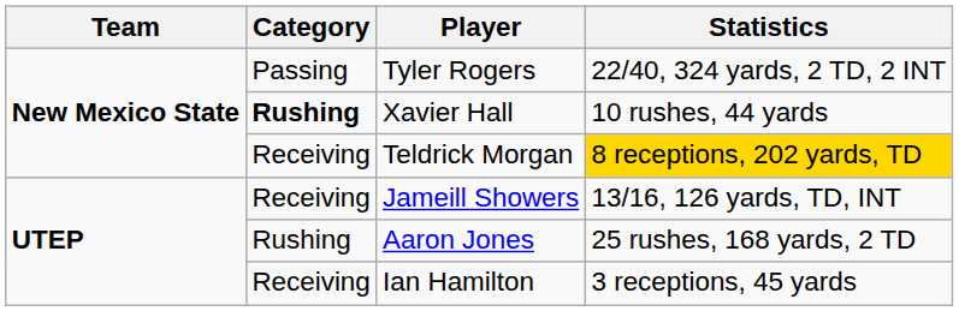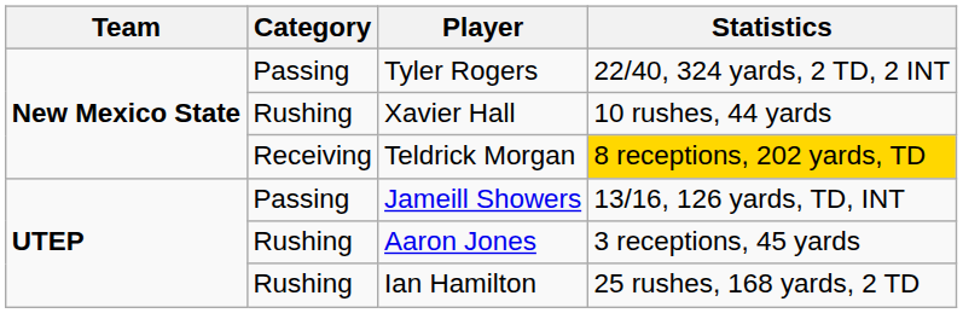 <table class="wikitable" style="float: left;">
 <tr>
 <th>Team</th>
 <th>Category</th>
 <th>Player</th>
 <th>Statistics</th>
 </tr>
 <tr>
 <td rowspan=3><strong>New Mexico State</strong></td>
 <td>Passing</td>
 <td>Tyler Rogers</td>
 <td>22/40, 324 yards, 2 TD, 2 INT</td>
 </tr>
 <tr>
-<td><strong>Rushing</strong></td>
+<td>Rushing</td>
 <td>Xavier Hall</td>
 <td>10 rushes, 44 yards</td>
 </tr>
 <tr>
 <td>Receiving</td>
 <td>Teldrick Morgan</td>
 <td style="background: gold;">8 receptions, 202 yards, TD</td>
 </tr>
 <tr>
 <td rowspan=3><strong>UTEP</strong></td>
-<td>Receiving</td>
+<td>Passing</td>
 <td><a href='#'>Jameill Showers</a></td>
 <td>13/16, 126 yards, TD, INT</td>
 </tr>
 <tr>
 <td>Rushing</td>
 <td><a href='#'>Aaron Jones</a></td>
+<td>3 receptions, 45 yards</td>
+</tr>
+<tr>
+<td>Rushing</td>
+<td>Ian Hamilton</td>
 <td>25 rushes, 168 yards, 2 TD</td>
 </tr>
-<tr>
-<td>Receiving</td>
-<td>Ian Hamilton</td>
-<td>3 receptions, 45 yards</td>
-</tr>
 </table>
